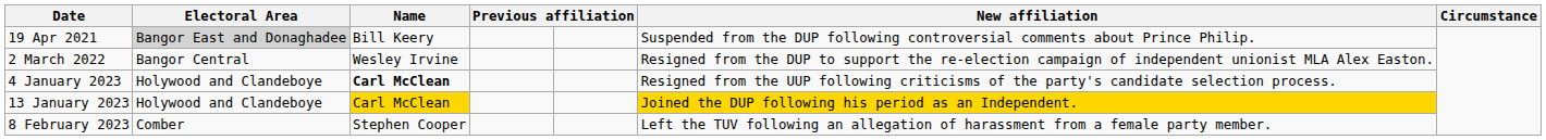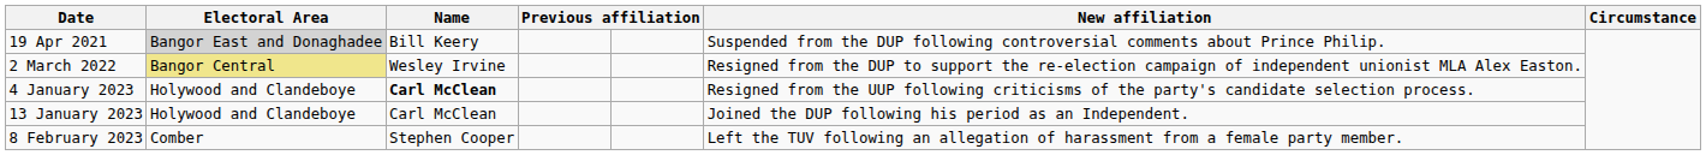 <table class="wikitable" style="font-size: 95%;">
 <tr>
 <th>Date</th>
 <th>Electoral Area</th>
 <th>Name</th>
 <th colspan="2">Previous affiliation</th>
 <th colspan="2">New affiliation</th>
 <th>Circumstance</th>
 </tr>
 <tr>
 <td>19 Apr 2021</td>
 <td style="background: lightgrey;">Bangor East and Donaghadee</td>
 <td>Bill Keery</td>
 <td></td>
 <td></td>
 <td>Suspended from the DUP following controversial comments about Prince Philip.</td>
 </tr>
 <tr>
 <td>2 March 2022</td>
-<td>Bangor Central</td>
+<td style="background: khaki;">Bangor Central</td>
 <td>Wesley Irvine</td>
 <td></td>
 <td></td>
 <td>Resigned from the DUP to support the re-election campaign of independent unionist MLA Alex Easton.</td>
 </tr>
 <tr>
 <td>4 January 2023</td>
 <td>Holywood and Clandeboye</td>
 <td><strong>Carl McClean</strong></td>
 <td></td>
 <td></td>
 <td>Resigned from the UUP following criticisms of the party's candidate selection process.</td>
 </tr>
 <tr>
 <td>13 January 2023</td>
 <td>Holywood and Clandeboye</td>
-<td style="background: gold;">Carl McClean</td>
+<td>Carl McClean</td>
 <td></td>
 <td></td>
-<td style="background: gold;">Joined the DUP following his period as an Independent.</td>
+<td>Joined the DUP following his period as an Independent.</td>
 </tr>
 <tr>
 <td>8 February 2023</td>
 <td>Comber</td>
 <td>Stephen Cooper</td>
 <td></td>
 <td></td>
 <td>Left the TUV following an allegation of harassment from a female party member.</td>
 </tr>
 </table>
